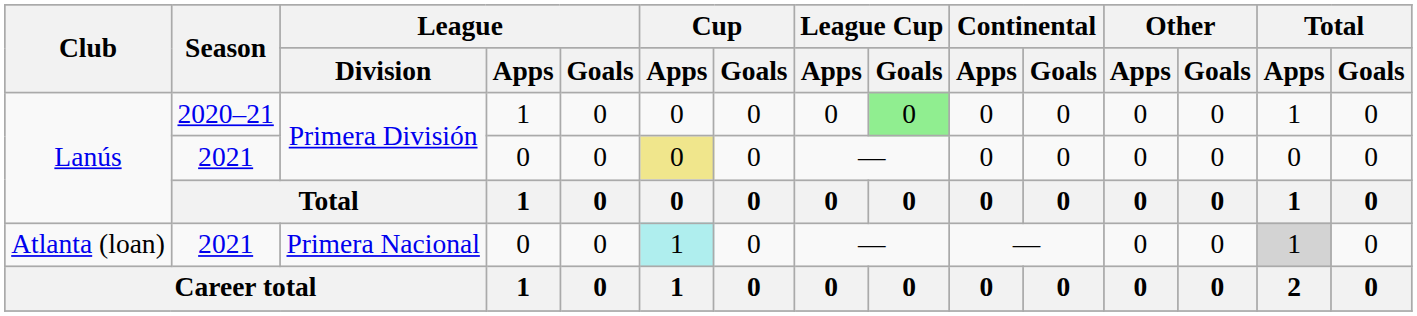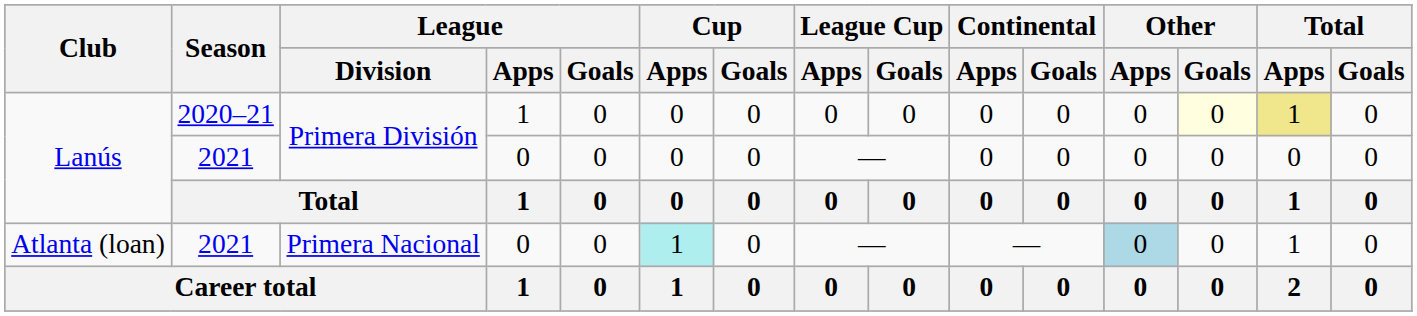 <table class="wikitable" style="text-align:center">
 <tr>
 <th rowspan="2">Club</th>
 <th rowspan="2">Season</th>
 <th colspan="3">League</th>
 <th colspan="2">Cup</th>
 <th colspan="2">League Cup</th>
 <th colspan="2">Continental</th>
 <th colspan="2">Other</th>
 <th colspan="2">Total</th>
 </tr>
 <tr>
 <th>Division</th>
 <th>Apps</th>
 <th>Goals</th>
 <th>Apps</th>
 <th>Goals</th>
 <th>Apps</th>
 <th>Goals</th>
 <th>Apps</th>
 <th>Goals</th>
 <th>Apps</th>
 <th>Goals</th>
 <th>Apps</th>
 <th>Goals</th>
 </tr>
 <tr>
 <td rowspan="3"><a href='#'>Lanús</a></td>
 <td><a href='#'>2020–21</a></td>
 <td rowspan="2"><a href='#'>Primera División</a></td>
 <td>1</td>
 <td>0</td>
 <td>0</td>
 <td>0</td>
 <td>0</td>
-<td style="background: lightgreen;">0</td>
 <td>0</td>
 <td>0</td>
 <td>0</td>
 <td>0</td>
-<td>1</td>
+<td style="background: lightyellow;">0</td>
+<td style="background: khaki;">1</td>
 <td>0</td>
 </tr>
 <tr>
 <td><a href='#'>2021</a></td>
 <td>0</td>
 <td>0</td>
-<td style="background: khaki;">0</td>
+<td>0</td>
 <td>0</td>
 <td colspan="2">—</td>
 <td>0</td>
 <td>0</td>
 <td>0</td>
 <td>0</td>
 <td>0</td>
 <td>0</td>
 </tr>
 <tr>
 <th colspan="2">Total</th>
 <th>1</th>
 <th>0</th>
 <th>0</th>
 <th>0</th>
 <th>0</th>
 <th>0</th>
 <th>0</th>
 <th>0</th>
 <th>0</th>
 <th>0</th>
 <th>1</th>
 <th>0</th>
 </tr>
 <tr>
 <td rowspan="1"><a href='#'>Atlanta</a> (loan)</td>
 <td><a href='#'>2021</a></td>
 <td rowspan="1"><a href='#'>Primera Nacional</a></td>
 <td>0</td>
 <td>0</td>
 <td style="background: paleturquoise;">1</td>
 <td>0</td>
 <td colspan="2">—</td>
 <td colspan="2">—</td>
+<td style="background: lightblue;">0</td>
 <td>0</td>
-<td>0</td>
-<td style="background: lightgrey;">1</td>
+<td>1</td>
 <td>0</td>
 </tr>
 <tr>
 <th colspan="3">Career total</th>
 <th>1</th>
 <th>0</th>
 <th>1</th>
 <th>0</th>
 <th>0</th>
 <th>0</th>
 <th>0</th>
 <th>0</th>
 <th>0</th>
 <th>0</th>
 <th>2</th>
 <th>0</th>
 </tr>
 </table>
